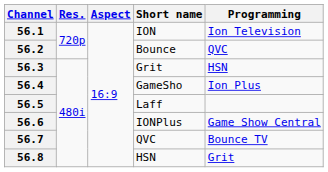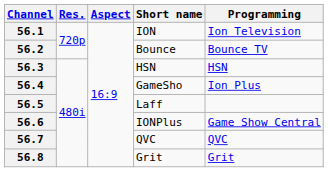 <table class="wikitable">
 <tr>
 <th scope = "col"><a href='#'>Channel</a></th>
 <th scope = "col"><a href='#'>Res.</a></th>
 <th scope = "col"><a href='#'>Aspect</a></th>
 <th scope = "col">Short name</th>
 <th scope = "col">Programming</th>
 </tr>
 <tr>
 <th scope = "row">56.1</th>
 <td rowspan=2><a href='#'>720p</a></td>
 <td rowspan=8><a href='#'>16:9</a></td>
 <td>ION</td>
 <td><a href='#'>Ion Television</a></td>
 </tr>
 <tr>
 <th scope = "row">56.2</th>
 <td>Bounce</td>
-<td><a href='#'>QVC</a></td>
+<td><a href='#'>Bounce TV</a></td>
 </tr>
 <tr>
 <th scope = "row">56.3</th>
 <td rowspan=6><a href='#'>480i</a></td>
-<td>Grit</td>
+<td>HSN</td>
 <td><a href='#'>HSN</a></td>
 </tr>
 <tr>
 <th scope = "row">56.4</th>
 <td>GameSho</td>
 <td><a href='#'>Ion Plus</a></td>
 </tr>
 <tr>
 <th scope = "row">56.5</th>
 <td>Laff</td>
 <td></td>
 </tr>
 <tr>
 <th scope = "row">56.6</th>
 <td>IONPlus</td>
 <td><a href='#'>Game Show Central</a></td>
 </tr>
 <tr>
 <th scope = "row">56.7</th>
 <td>QVC</td>
-<td><a href='#'>Bounce TV</a></td>
+<td><a href='#'>QVC</a></td>
 </tr>
 <tr>
 <th scope = "row">56.8</th>
-<td>HSN</td>
+<td>Grit</td>
 <td><a href='#'>Grit</a></td>
 </tr>
 </table>
